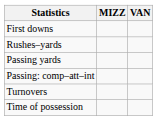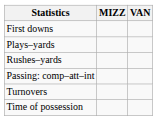 <table class="wikitable" style="float:left">
 <tr>
 <th>Statistics</th>
 <th>MIZZ</th>
 <th>VAN</th>
 </tr>
 <tr>
 <td>First downs</td>
 <td></td>
 <td></td>
 </tr>
 <tr>
-<td>Rushes–yards</td>
+<td>Plays–yards</td>
 <td></td>
 <td></td>
 </tr>
 <tr>
-<td>Passing yards</td>
+<td>Rushes–yards</td>
 <td></td>
 <td></td>
 </tr>
 <tr>
 <td>Passing: comp–att–int</td>
 <td></td>
 <td></td>
 </tr>
 <tr>
 <td>Turnovers</td>
 <td></td>
 <td></td>
 </tr>
 <tr>
 <td>Time of possession</td>
 <td></td>
 <td></td>
 </tr>
 </table>
